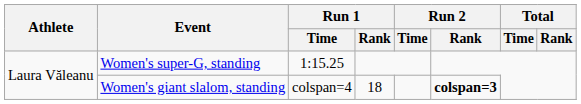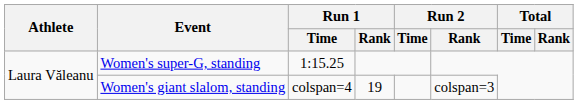 <table class=wikitable style=font-size:90%;text-align:center>
 <tr>
 <th rowspan=2>Athlete</th>
 <th rowspan=2>Event</th>
 <th colspan=2>Run 1</th>
 <th colspan=2>Run 2</th>
 <th colspan=2>Total</th>
 </tr>
 <tr style="font-size: 95%">
 <th>Time</th>
 <th>Rank</th>
 <th>Time</th>
 <th>Rank</th>
 <th>Time</th>
 <th>Rank</th>
 </tr>
 <tr>
 <td align=left rowspan=2>Laura Văleanu</td>
 <td align=left><a href='#'>Women's super-G, standing</a></td>
 <td>1:15.25</td>
 <td colspan=2></td>
 </tr>
 <tr>
 <td align=left><a href='#'>Women's giant slalom, standing</a></td>
 <td>colspan=4 </td>
-<td>18</td>
+<td>19</td>
 <td></td>
-<td><strong>colspan=3 </strong></td>
+<td>colspan=3 </td>
 </tr>
 </table>
